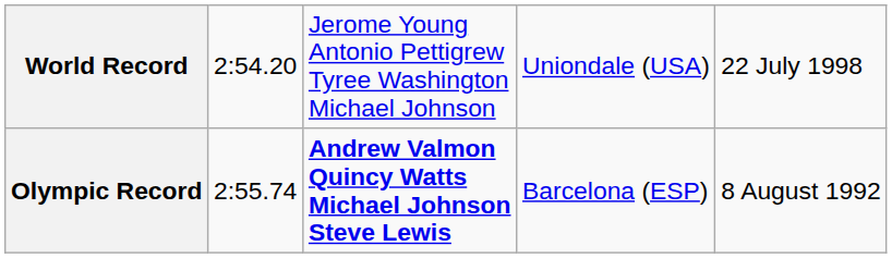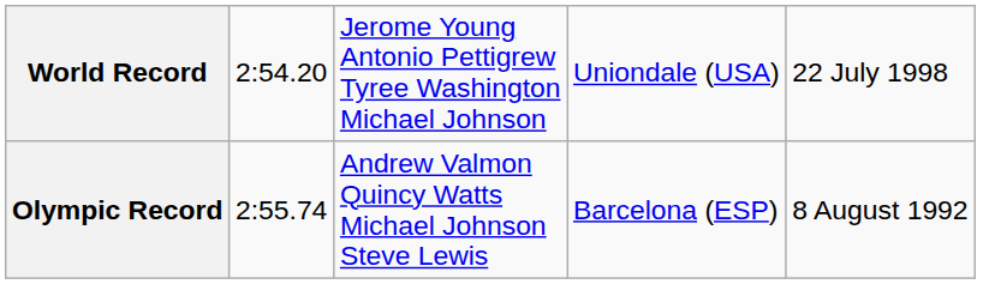 <table class="wikitable" style="text-align:left">
 <tr>
 <th>World Record</th>
 <td>2:54.20</td>
 <td> <a href='#'>Jerome Young</a><br> <a href='#'>Antonio Pettigrew</a><br> <a href='#'>Tyree Washington</a><br> <a href='#'>Michael Johnson</a></td>
 <td><a href='#'>Uniondale</a> (<a href='#'>USA</a>)</td>
 <td>22 July 1998</td>
 </tr>
 <tr>
 <th>Olympic Record</th>
 <td>2:55.74</td>
-<td><strong> <a href='#'>Andrew Valmon</a><br> <a href='#'>Quincy Watts</a><br> <a href='#'>Michael Johnson</a><br> <a href='#'>Steve Lewis</a></strong></td>
+<td> <a href='#'>Andrew Valmon</a><br> <a href='#'>Quincy Watts</a><br> <a href='#'>Michael Johnson</a><br> <a href='#'>Steve Lewis</a></td>
 <td><a href='#'>Barcelona</a> (<a href='#'>ESP</a>)</td>
 <td>8 August 1992</td>
 </tr>
 </table>
